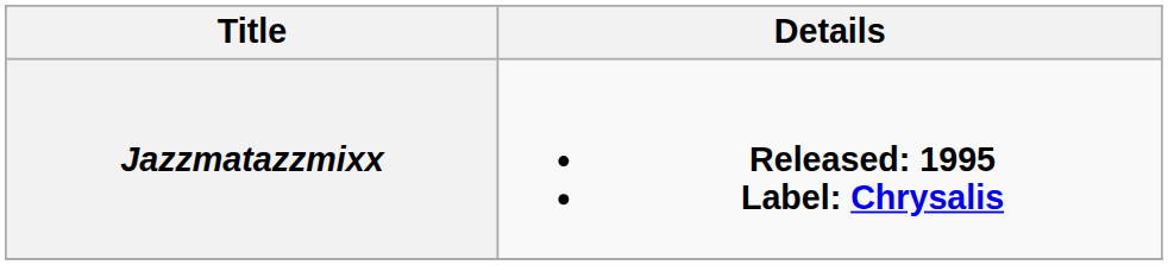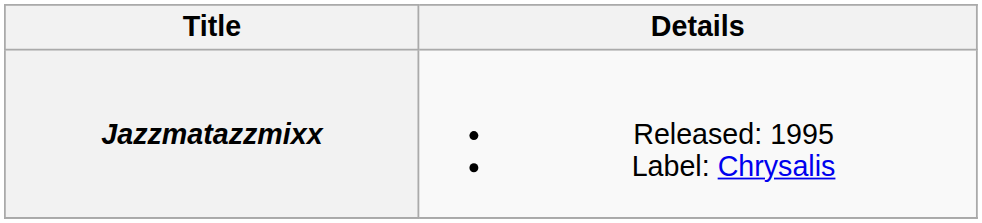 <table class="wikitable plainrowheaders" style="text-align:center;">
 <tr>
 <th scope="col" style="width:14em;">Title</th>
 <th scope="col" style="width:19em;">Details</th>
 </tr>
 <tr>
 <th scope="row"><em>Jazzmatazzmixx</em></th>
-<td><strong><br><ul><li>Released: 1995</li><li>Label: <a href='#'>Chrysalis</a></li></ul></strong></td>
+<td><br><ul><li>Released: 1995</li><li>Label: <a href='#'>Chrysalis</a></li></ul></td>
 </tr>
 <tr>
 </tr>
 </table>
